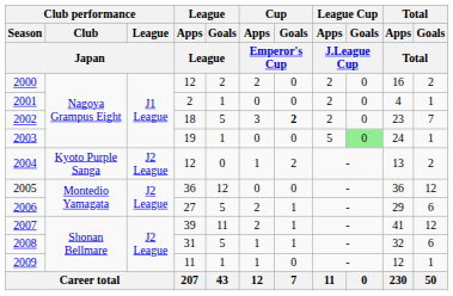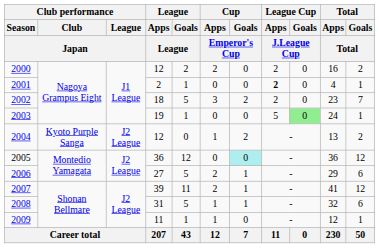 <table class="wikitable" style="text-align:center">
 <tr>
 <th colspan=3>Club performance</th>
 <th colspan=2>League</th>
 <th colspan=2>Cup</th>
 <th colspan=2>League Cup</th>
 <th colspan=2>Total</th>
 </tr>
 <tr>
 <th>Season</th>
 <th>Club</th>
 <th>League</th>
 <th>Apps</th>
 <th>Goals</th>
 <th>Apps</th>
 <th>Goals</th>
 <th>Apps</th>
 <th>Goals</th>
 <th>Apps</th>
 <th>Goals</th>
 </tr>
 <tr>
 <th colspan=3>Japan</th>
 <th colspan=2>League</th>
 <th colspan=2><a href='#'>Emperor's Cup</a></th>
 <th colspan=2><a href='#'>J.League Cup</a></th>
 <th colspan=2>Total</th>
 </tr>
 <tr>
 <td><a href='#'>2000</a></td>
 <td rowspan="4"><a href='#'>Nagoya Grampus Eight</a></td>
 <td rowspan="4"><a href='#'>J1 League</a></td>
 <td>12</td>
 <td>2</td>
 <td>2</td>
 <td>0</td>
 <td>2</td>
 <td>0</td>
 <td>16</td>
 <td>2</td>
 </tr>
 <tr>
 <td><a href='#'>2001</a></td>
 <td>2</td>
 <td>1</td>
 <td>0</td>
 <td>0</td>
-<td>2</td>
+<td><strong>2</strong></td>
 <td>0</td>
 <td>4</td>
 <td>1</td>
 </tr>
 <tr>
 <td><a href='#'>2002</a></td>
 <td>18</td>
 <td>5</td>
 <td>3</td>
-<td><strong>2</strong></td>
+<td>2</td>
 <td>2</td>
 <td>0</td>
 <td>23</td>
 <td>7</td>
 </tr>
 <tr>
 <td><a href='#'>2003</a></td>
 <td>19</td>
 <td>1</td>
 <td>0</td>
 <td>0</td>
 <td>5</td>
 <td style="background: lightgreen;">0</td>
 <td>24</td>
 <td>1</td>
 </tr>
 <tr>
 <td><a href='#'>2004</a></td>
 <td><a href='#'>Kyoto Purple Sanga</a></td>
 <td><a href='#'>J2 League</a></td>
 <td>12</td>
 <td>0</td>
 <td>1</td>
 <td>2</td>
 <td colspan="2">-</td>
 <td>13</td>
 <td>2</td>
 </tr>
 <tr>
 <td>2005</td>
 <td rowspan="2"><a href='#'>Montedio Yamagata</a></td>
 <td rowspan="2"><a href='#'>J2 League</a></td>
 <td>36</td>
 <td>12</td>
 <td>0</td>
-<td>0</td>
+<td style="background: paleturquoise;">0</td>
 <td colspan="2">-</td>
 <td>36</td>
 <td>12</td>
 </tr>
 <tr>
 <td><a href='#'>2006</a></td>
 <td>27</td>
 <td>5</td>
 <td>2</td>
 <td>1</td>
 <td colspan="2">-</td>
 <td>29</td>
 <td>6</td>
 </tr>
 <tr>
 <td><a href='#'>2007</a></td>
 <td rowspan="3"><a href='#'>Shonan Bellmare</a></td>
 <td rowspan="3"><a href='#'>J2 League</a></td>
 <td>39</td>
 <td>11</td>
 <td>2</td>
 <td>1</td>
 <td colspan="2">-</td>
 <td>41</td>
 <td>12</td>
 </tr>
 <tr>
 <td><a href='#'>2008</a></td>
 <td>31</td>
 <td>5</td>
 <td>1</td>
 <td>1</td>
 <td colspan="2">-</td>
 <td>32</td>
 <td>6</td>
 </tr>
 <tr>
 <td><a href='#'>2009</a></td>
 <td>11</td>
 <td>1</td>
 <td>1</td>
 <td>0</td>
 <td colspan="2">-</td>
 <td>12</td>
 <td>1</td>
 </tr>
 <tr>
 <th colspan=3>Career total</th>
 <th>207</th>
 <th>43</th>
 <th>12</th>
 <th>7</th>
 <th>11</th>
 <th>0</th>
 <th>230</th>
 <th>50</th>
 </tr>
 </table>
